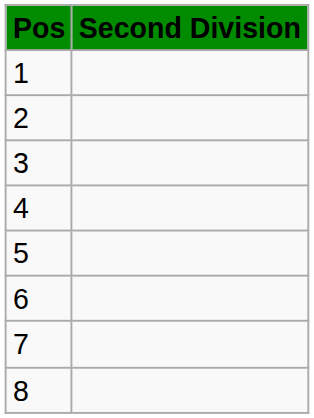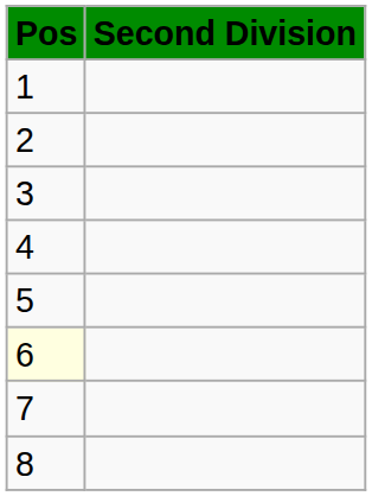 <table class="wikitable" style="margin:0.5em auto; font-size:95%">
 <tr style="background:#008b00;">
 <td><strong>Pos</strong></td>
 <td><strong>Second Division</strong></td>
 </tr>
 <tr>
 <td>1</td>
 <td></td>
 </tr>
 <tr>
 <td>2</td>
 <td></td>
 </tr>
 <tr>
 <td>3</td>
 <td></td>
 </tr>
 <tr>
 <td>4</td>
 <td></td>
 </tr>
 <tr>
 <td>5</td>
 <td></td>
 </tr>
 <tr>
-<td>6</td>
+<td style="background: lightyellow;">6</td>
 <td></td>
 </tr>
 <tr>
 <td>7</td>
 <td></td>
 </tr>
 <tr>
 <td>8</td>
 <td></td>
 </tr>
 </table>
